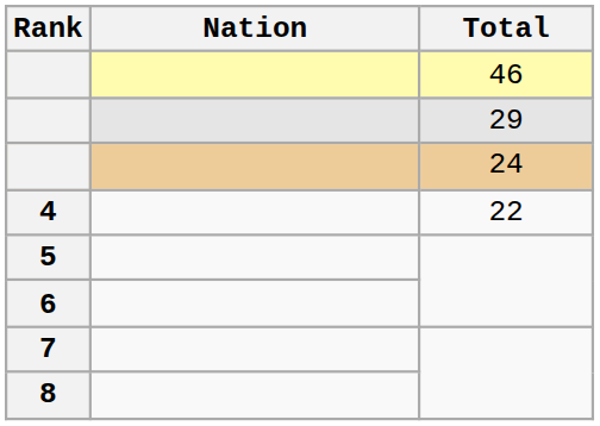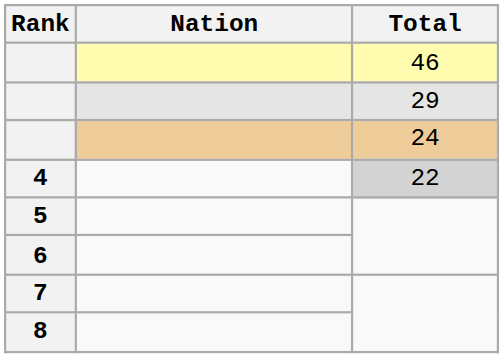 <table class="wikitable sortable" style="text-align:center; font-size:85%">
 <tr>
 <th scope="col" style="width:25px;">Rank</th>
 <th ! scope="col" style="width:120px;">Nation</th>
 <th ! scope="col" style="width:60px;">Total</th>
 </tr>
 <tr bgcolor=fffcaf>
 <th scope=row></th>
 <td align=left></td>
 <td>46</td>
 </tr>
 <tr bgcolor=e5e5e5>
 <th scope=row></th>
 <td align=left></td>
 <td>29</td>
 </tr>
 <tr bgcolor=eecc99>
 <th scope=row></th>
 <td align=left></td>
 <td>24</td>
 </tr>
 <tr>
 <th scope=row>4</th>
 <td align=left></td>
-<td>22</td>
+<td style="background: lightgrey;">22</td>
 </tr>
 <tr>
 <th scope=row>5</th>
 <td align=left></td>
 <td rowspan=2></td>
 </tr>
 <tr>
 <th scope=row>6</th>
 <td align=left></td>
 </tr>
 <tr>
 <th scope=row>7</th>
 <td align=left></td>
 <td rowspan=2></td>
 </tr>
 <tr>
 <th scope=row>8</th>
 <td align=left></td>
 </tr>
 </table>
